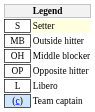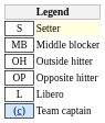 <table class="toccolours floatright" style="font-size: 90%; white-space: nowrap; valign: middle;">
 <tr>
 <th colspan="2" style="background-color: #F2F2F2; border: 1px solid #AAAAAA;">Legend</th>
 </tr>
 <tr>
 <td style="border: 1px solid black;" align=center>  S  </td>
 <td style="background: lightyellow;">Setter</td>
 </tr>
 <tr>
 <td style="border: 1px solid black;" align=center>  MB  </td>
-<td>Outside hitter</td>
+<td>Middle blocker</td>
 </tr>
 <tr>
 <td style="border: 1px solid black;" align=center>  OH  </td>
-<td>Middle blocker</td>
+<td>Outside hitter</td>
 </tr>
 <tr>
 <td style="border: 1px solid black;" align=center>  OP  </td>
 <td>Opposite hitter</td>
 </tr>
 <tr>
 <td style="border: 1px solid black;" align=center>  L  </td>
 <td>Libero</td>
 </tr>
 <tr>
 <td style="background: #D0E6FF; border: 1px solid black" align=center> (<a href='#'>c</a>) </td>
 <td>Team captain</td>
 </tr>
 <tr>
 </tr>
 </table>
